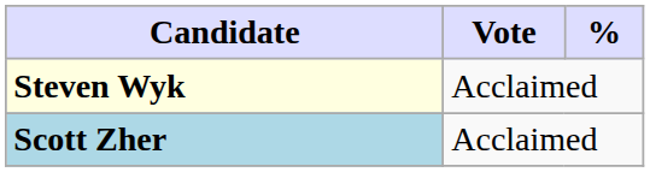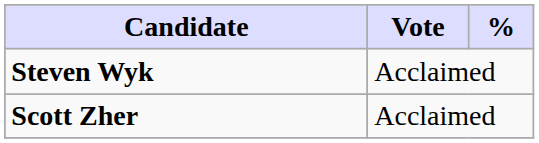 <table class="wikitable">
 <tr>
 <th style="background:#ddf; width:200px;">Candidate</th>
 <th style="background:#ddf; width:50px;">Vote</th>
 <th style="background:#ddf; width:30px;">%</th>
 </tr>
 <tr>
-<td style="background: lightyellow;"><strong>Steven Wyk</strong></td>
+<td><strong>Steven Wyk</strong></td>
 <td colspan="2">Acclaimed</td>
 </tr>
 <tr>
-<td style="background: lightblue;"><strong>Scott Zher</strong></td>
+<td><strong>Scott Zher</strong></td>
 <td colspan="2">Acclaimed</td>
 </tr>
 </table>
